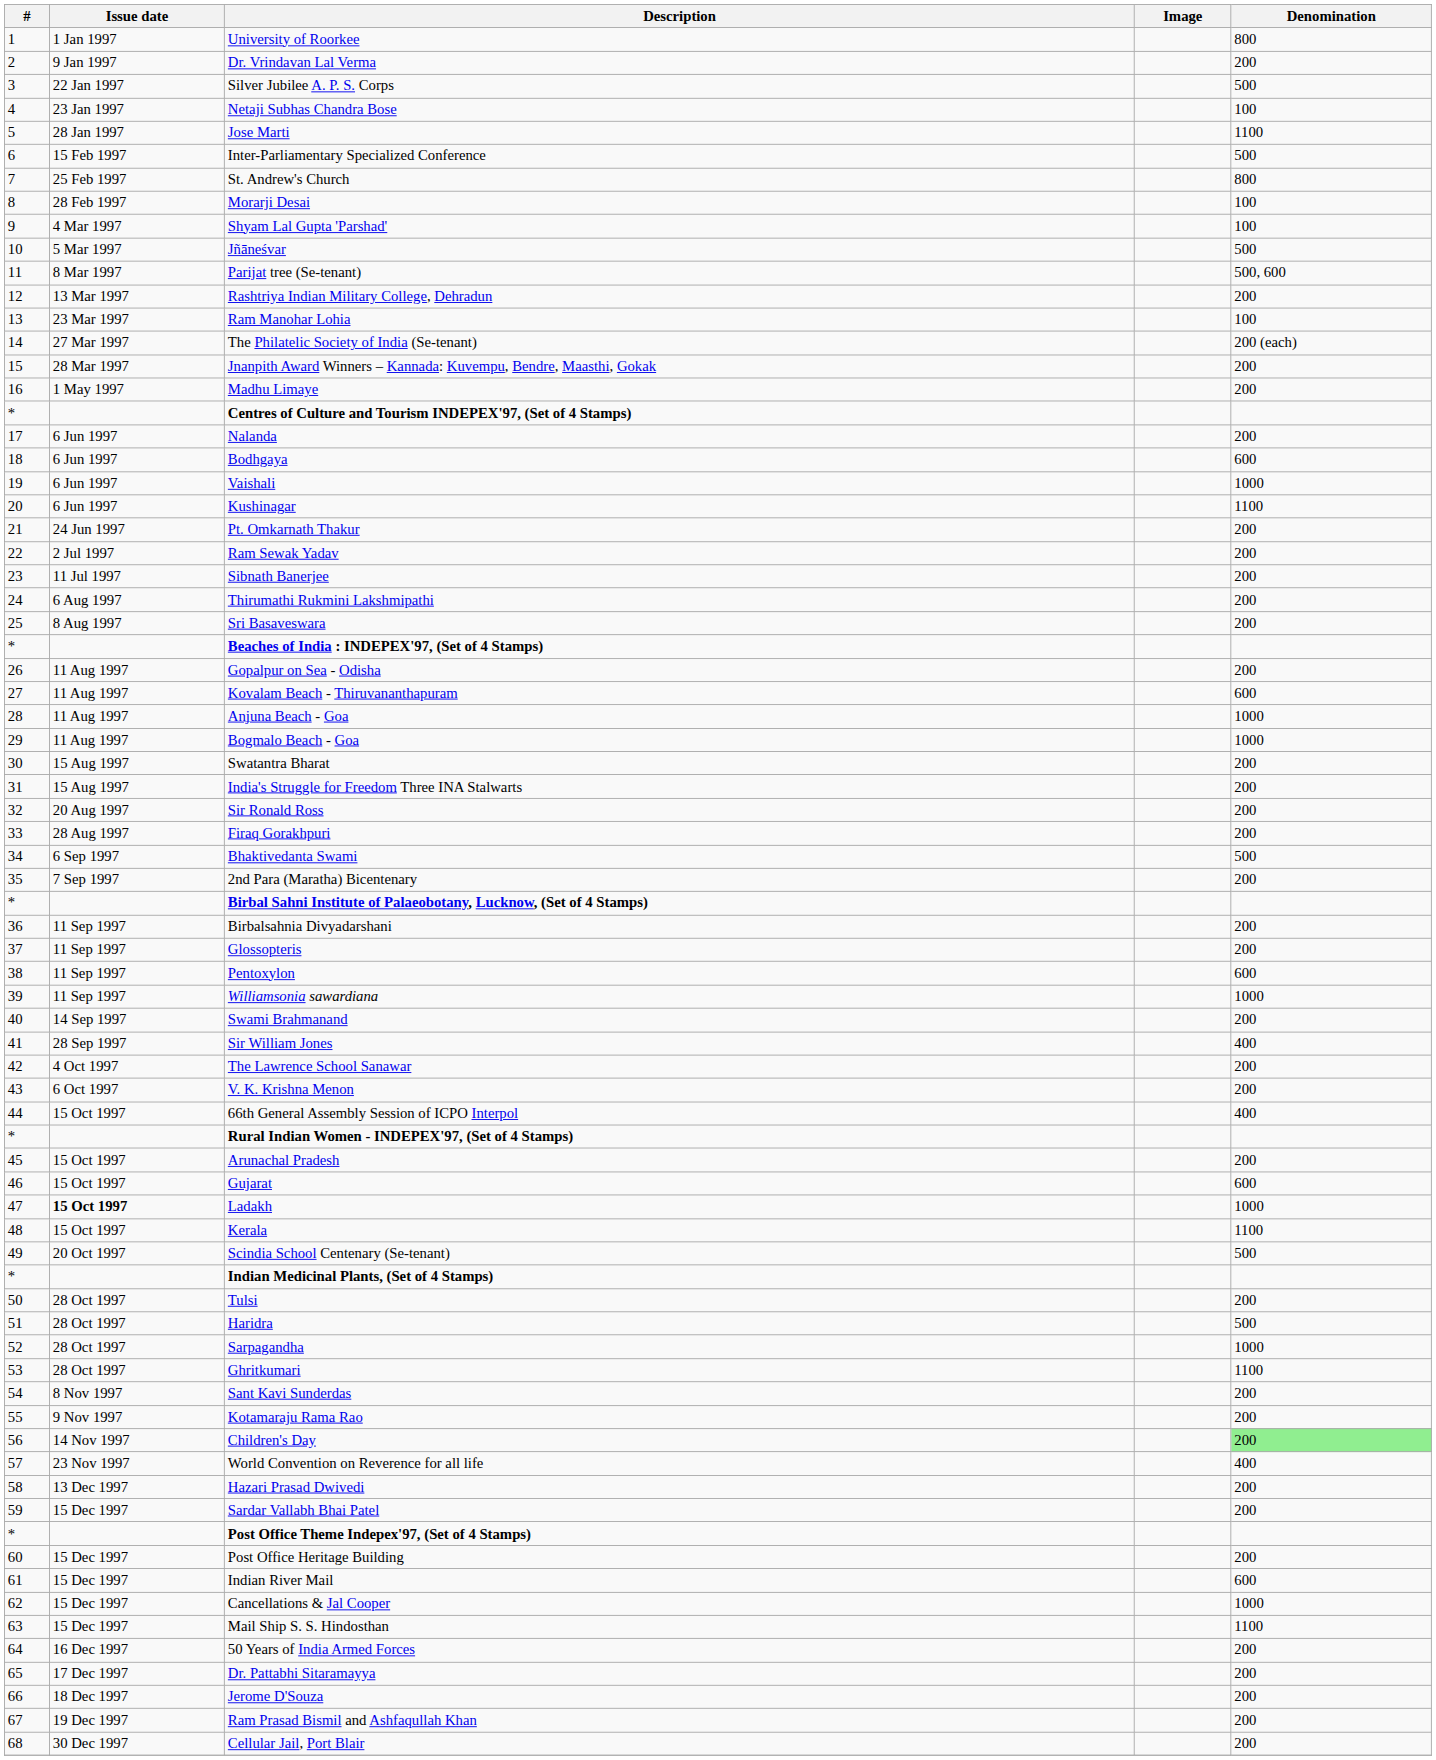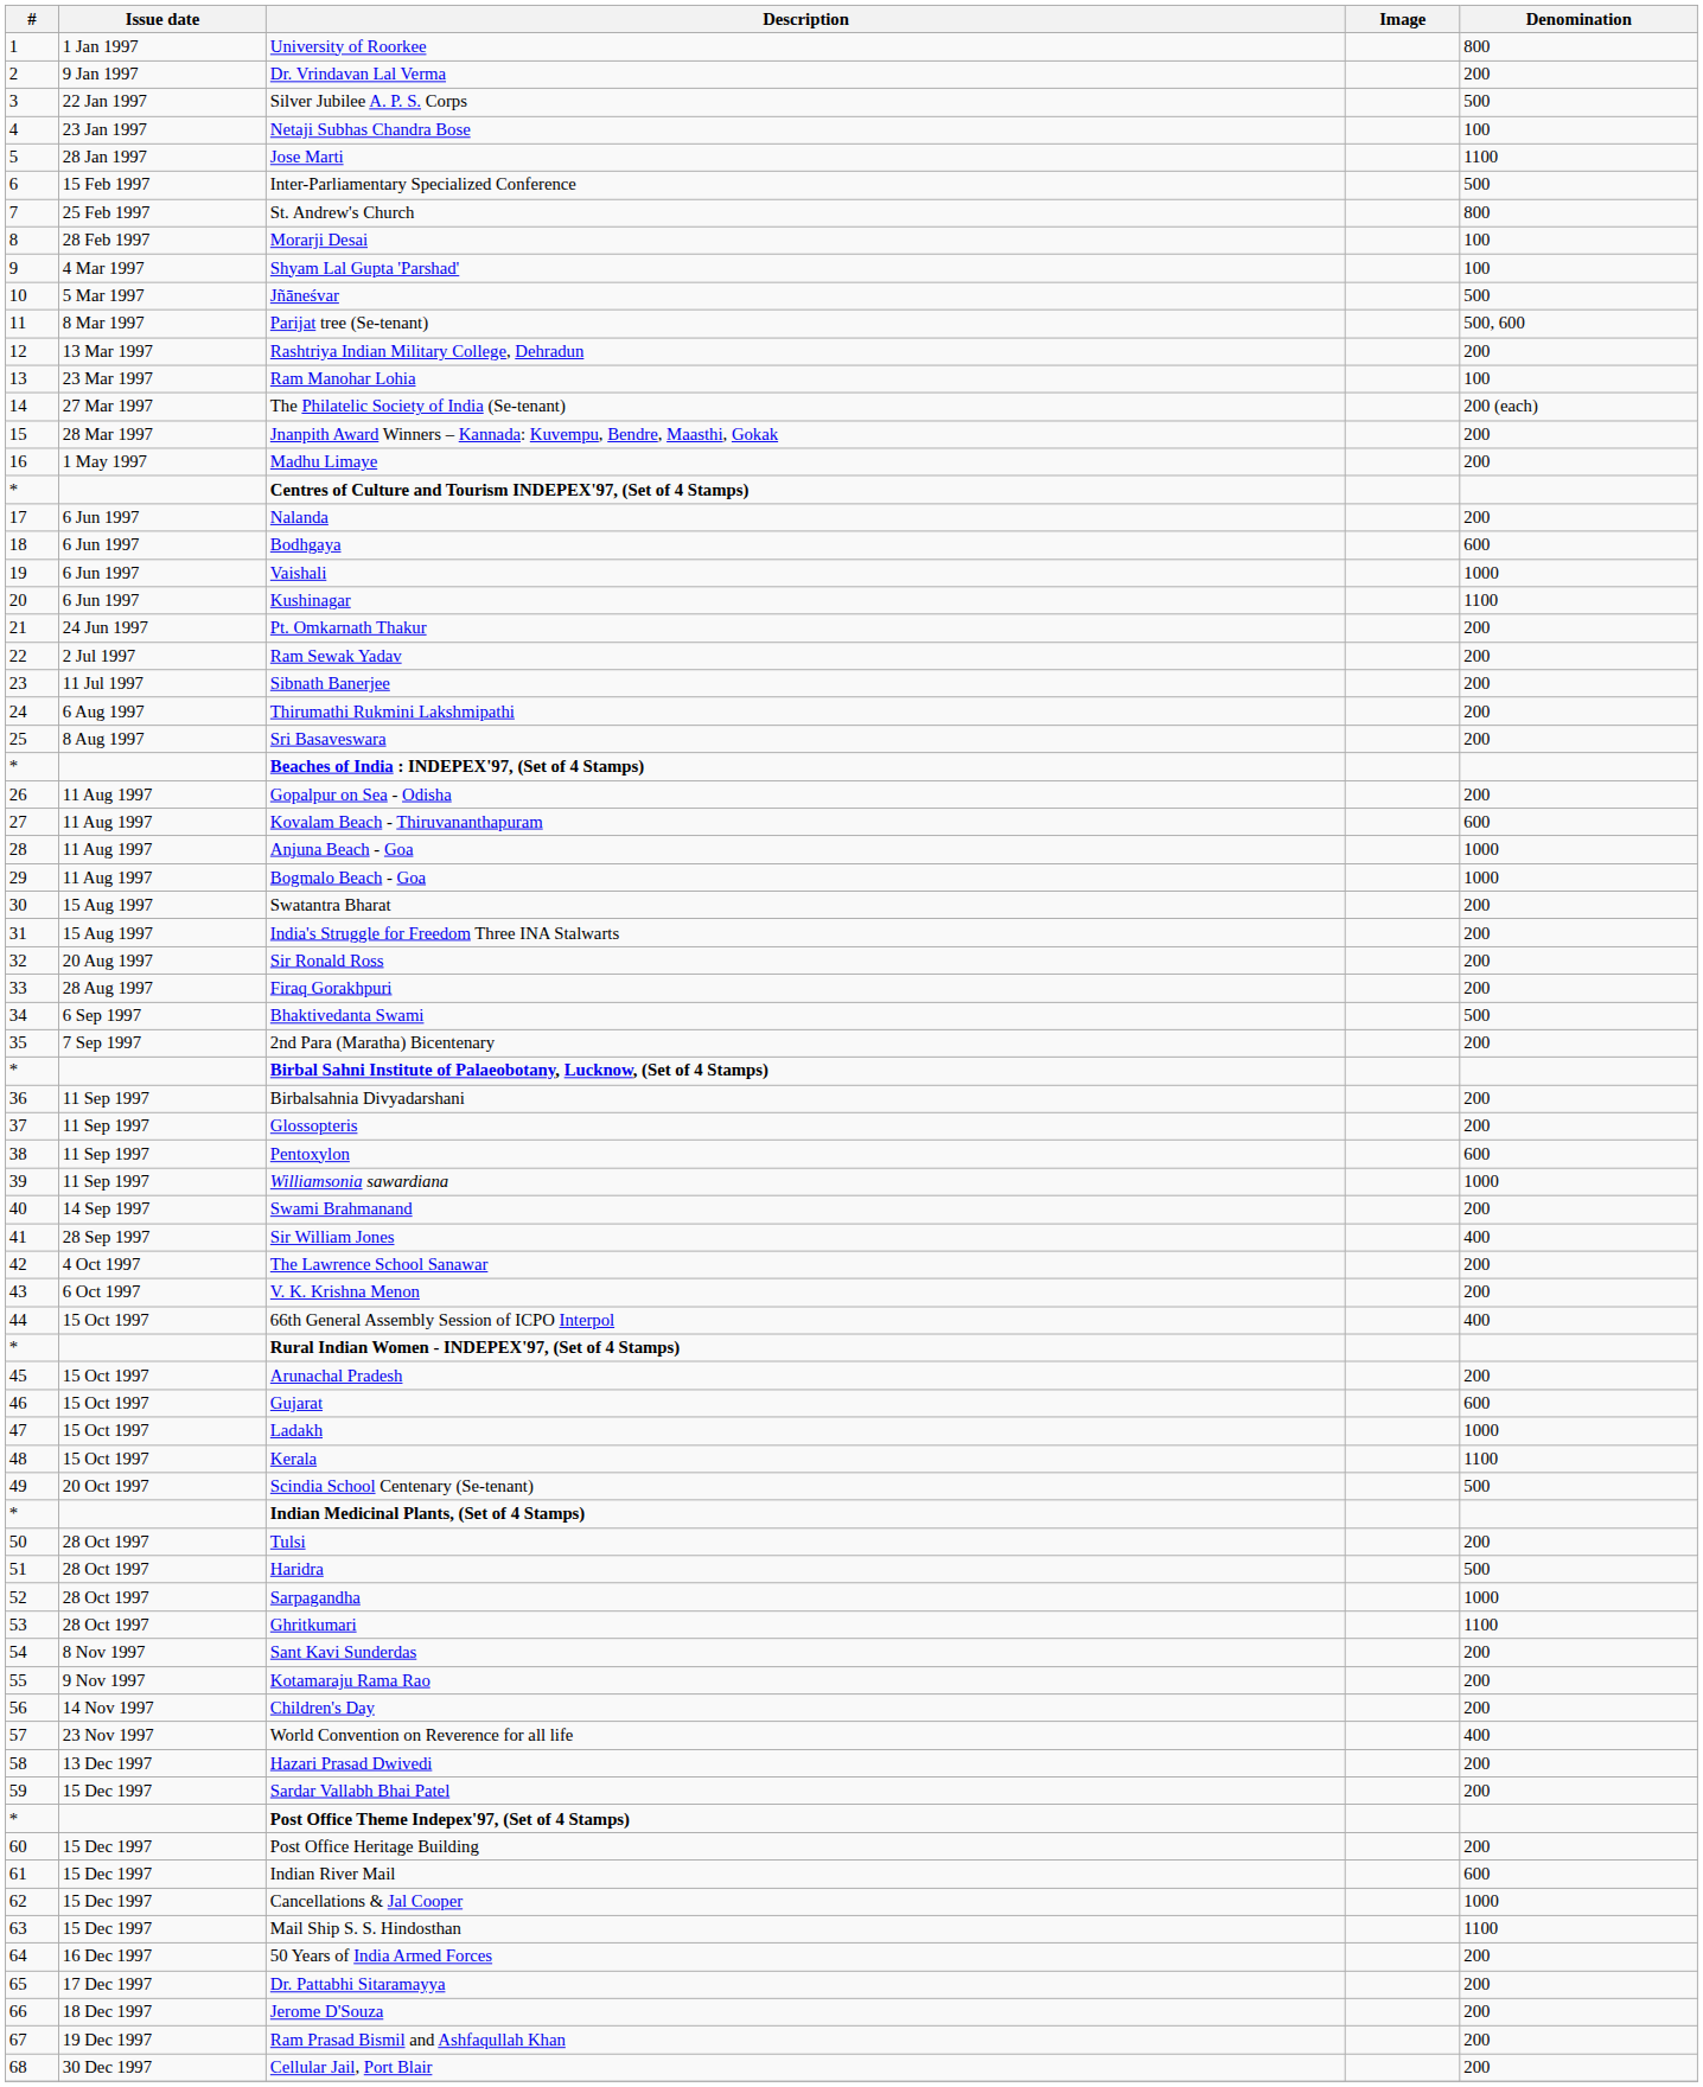 <table class="wikitable" style="text-align:justify" width="98%">
 <tr>
 <th>#</th>
 <th>Issue date</th>
 <th>Description</th>
 <th>Image</th>
 <th>Denomination</th>
 </tr>
 <tr>
 <td>1</td>
 <td>1 Jan 1997</td>
 <td><a href='#'>University of Roorkee</a></td>
 <td></td>
 <td>800</td>
 </tr>
 <tr>
 <td>2</td>
 <td>9 Jan 1997</td>
 <td><a href='#'>Dr. Vrindavan Lal Verma</a></td>
 <td></td>
 <td>200</td>
 </tr>
 <tr>
 <td>3</td>
 <td>22 Jan 1997</td>
 <td>Silver Jubilee <a href='#'>A. P. S.</a> Corps</td>
 <td></td>
 <td>500</td>
 </tr>
 <tr>
 <td>4</td>
 <td>23 Jan 1997</td>
 <td><a href='#'>Netaji Subhas Chandra Bose</a></td>
 <td></td>
 <td>100</td>
 </tr>
 <tr>
 <td>5</td>
 <td>28 Jan 1997</td>
 <td><a href='#'>Jose Marti</a></td>
 <td></td>
 <td>1100</td>
 </tr>
 <tr>
 <td>6</td>
 <td>15 Feb 1997</td>
 <td>Inter-Parliamentary Specialized Conference</td>
 <td></td>
 <td>500</td>
 </tr>
 <tr>
 <td>7</td>
 <td>25 Feb 1997</td>
 <td>St.  Andrew's Church</td>
 <td></td>
 <td>800</td>
 </tr>
 <tr>
 <td>8</td>
 <td>28 Feb 1997</td>
 <td><a href='#'>Morarji Desai</a></td>
 <td></td>
 <td>100</td>
 </tr>
 <tr>
 <td>9</td>
 <td>4 Mar 1997</td>
 <td><a href='#'>Shyam Lal Gupta 'Parshad'</a></td>
 <td></td>
 <td>100</td>
 </tr>
 <tr>
 <td>10</td>
 <td>5 Mar 1997</td>
 <td><a href='#'>Jñāneśvar</a></td>
 <td></td>
 <td>500</td>
 </tr>
 <tr>
 <td>11</td>
 <td>8 Mar 1997</td>
 <td><a href='#'>Parijat</a> tree (Se-tenant)</td>
 <td></td>
 <td>500, 600</td>
 </tr>
 <tr>
 <td>12</td>
 <td>13 Mar 1997</td>
 <td><a href='#'>Rashtriya Indian Military College</a>, <a href='#'>Dehradun</a></td>
 <td></td>
 <td>200</td>
 </tr>
 <tr>
 <td>13</td>
 <td>23 Mar 1997</td>
 <td><a href='#'>Ram Manohar Lohia</a></td>
 <td></td>
 <td>100</td>
 </tr>
 <tr>
 <td>14</td>
 <td>27 Mar 1997</td>
 <td>The <a href='#'>Philatelic Society of India</a> (Se-tenant)</td>
 <td></td>
 <td>200 (each)</td>
 </tr>
 <tr>
 <td>15</td>
 <td>28 Mar 1997</td>
 <td><a href='#'>Jnanpith Award</a> Winners – <a href='#'>Kannada</a>: <a href='#'>Kuvempu</a>, <a href='#'>Bendre</a>, <a href='#'>Maasthi</a>, <a href='#'>Gokak</a></td>
 <td></td>
 <td>200</td>
 </tr>
 <tr>
 <td>16</td>
 <td>1 May 1997</td>
 <td><a href='#'>Madhu Limaye</a></td>
 <td></td>
 <td>200</td>
 </tr>
 <tr>
 <td>*</td>
 <td></td>
 <td><strong>Centres of Culture and Tourism INDEPEX'97, (Set of 4 Stamps)</strong></td>
 <td></td>
 <td></td>
 </tr>
 <tr>
 <td>17</td>
 <td>6 Jun 1997</td>
 <td><a href='#'>Nalanda</a></td>
 <td></td>
 <td>200</td>
 </tr>
 <tr>
 <td>18</td>
 <td>6 Jun 1997</td>
 <td><a href='#'>Bodhgaya</a></td>
 <td></td>
 <td>600</td>
 </tr>
 <tr>
 <td>19</td>
 <td>6 Jun 1997</td>
 <td><a href='#'>Vaishali</a></td>
 <td></td>
 <td>1000</td>
 </tr>
 <tr>
 <td>20</td>
 <td>6 Jun 1997</td>
 <td><a href='#'>Kushinagar</a></td>
 <td></td>
 <td>1100</td>
 </tr>
 <tr>
 <td>21</td>
 <td>24 Jun 1997</td>
 <td><a href='#'>Pt. Omkarnath Thakur</a></td>
 <td></td>
 <td>200</td>
 </tr>
 <tr>
 <td>22</td>
 <td>2 Jul 1997</td>
 <td><a href='#'>Ram Sewak Yadav</a></td>
 <td></td>
 <td>200</td>
 </tr>
 <tr>
 <td>23</td>
 <td>11 Jul 1997</td>
 <td><a href='#'>Sibnath Banerjee</a></td>
 <td></td>
 <td>200</td>
 </tr>
 <tr>
 <td>24</td>
 <td>6 Aug 1997</td>
 <td><a href='#'>Thirumathi Rukmini Lakshmipathi</a></td>
 <td></td>
 <td>200</td>
 </tr>
 <tr>
 <td>25</td>
 <td>8 Aug 1997</td>
 <td><a href='#'>Sri Basaveswara</a></td>
 <td></td>
 <td>200</td>
 </tr>
 <tr>
 <td>*</td>
 <td></td>
 <td><strong><a href='#'>Beaches of India</a> : INDEPEX'97, (Set of 4 Stamps)</strong></td>
 <td></td>
 <td></td>
 </tr>
 <tr>
 <td>26</td>
 <td>11 Aug 1997</td>
 <td><a href='#'>Gopalpur on Sea</a> - <a href='#'>Odisha</a></td>
 <td></td>
 <td>200</td>
 </tr>
 <tr>
 <td>27</td>
 <td>11 Aug 1997</td>
 <td><a href='#'>Kovalam Beach</a> - <a href='#'>Thiruvananthapuram</a></td>
 <td></td>
 <td>600</td>
 </tr>
 <tr>
 <td>28</td>
 <td>11 Aug 1997</td>
 <td><a href='#'>Anjuna Beach</a> - <a href='#'>Goa</a></td>
 <td></td>
 <td>1000</td>
 </tr>
 <tr>
 <td>29</td>
 <td>11 Aug 1997</td>
 <td><a href='#'>Bogmalo Beach</a> - <a href='#'>Goa</a></td>
 <td></td>
 <td>1000</td>
 </tr>
 <tr>
 <td>30</td>
 <td>15 Aug 1997</td>
 <td>Swatantra Bharat</td>
 <td></td>
 <td>200</td>
 </tr>
 <tr>
 <td>31</td>
 <td>15 Aug 1997</td>
 <td><a href='#'>India's Struggle for Freedom</a> Three INA Stalwarts</td>
 <td></td>
 <td>200</td>
 </tr>
 <tr>
 <td>32</td>
 <td>20 Aug 1997</td>
 <td><a href='#'>Sir Ronald Ross</a></td>
 <td></td>
 <td>200</td>
 </tr>
 <tr>
 <td>33</td>
 <td>28 Aug 1997</td>
 <td><a href='#'>Firaq Gorakhpuri</a></td>
 <td></td>
 <td>200</td>
 </tr>
 <tr>
 <td>34</td>
 <td>6 Sep 1997</td>
 <td><a href='#'>Bhaktivedanta Swami</a></td>
 <td></td>
 <td>500</td>
 </tr>
 <tr>
 <td>35</td>
 <td>7 Sep 1997</td>
 <td>2nd Para (Maratha) Bicentenary</td>
 <td></td>
 <td>200</td>
 </tr>
 <tr>
 <td>*</td>
 <td></td>
 <td><strong><a href='#'>Birbal Sahni Institute of Palaeobotany</a>, <a href='#'>Lucknow</a>, (Set of 4 Stamps)</strong></td>
 <td></td>
 <td></td>
 </tr>
 <tr>
 <td>36</td>
 <td>11 Sep 1997</td>
 <td>Birbalsahnia Divyadarshani</td>
 <td></td>
 <td>200</td>
 </tr>
 <tr>
 <td>37</td>
 <td>11 Sep 1997</td>
 <td><a href='#'>Glossopteris</a></td>
 <td></td>
 <td>200</td>
 </tr>
 <tr>
 <td>38</td>
 <td>11 Sep 1997</td>
 <td><a href='#'>Pentoxylon</a></td>
 <td></td>
 <td>600</td>
 </tr>
 <tr>
 <td>39</td>
 <td>11 Sep 1997</td>
 <td><em><a href='#'>Williamsonia</a> sawardiana</em></td>
 <td></td>
 <td>1000</td>
 </tr>
 <tr>
 <td>40</td>
 <td>14 Sep 1997</td>
 <td><a href='#'>Swami Brahmanand</a></td>
 <td></td>
 <td>200</td>
 </tr>
 <tr>
 <td>41</td>
 <td>28 Sep 1997</td>
 <td><a href='#'>Sir William Jones</a></td>
 <td></td>
 <td>400</td>
 </tr>
 <tr>
 <td>42</td>
 <td>4 Oct 1997</td>
 <td><a href='#'>The Lawrence School Sanawar</a></td>
 <td></td>
 <td>200</td>
 </tr>
 <tr>
 <td>43</td>
 <td>6 Oct 1997</td>
 <td><a href='#'>V. K. Krishna Menon</a></td>
 <td></td>
 <td>200</td>
 </tr>
 <tr>
 <td>44</td>
 <td>15 Oct 1997</td>
 <td>66th General Assembly Session of ICPO <a href='#'>Interpol</a></td>
 <td></td>
 <td>400</td>
 </tr>
 <tr>
 <td>*</td>
 <td></td>
 <td><strong>Rural Indian Women - INDEPEX'97, (Set of 4 Stamps)</strong></td>
 <td></td>
 <td></td>
 </tr>
 <tr>
 <td>45</td>
 <td>15 Oct 1997</td>
 <td><a href='#'>Arunachal Pradesh</a></td>
 <td></td>
 <td>200</td>
 </tr>
 <tr>
 <td>46</td>
 <td>15 Oct 1997</td>
 <td><a href='#'>Gujarat</a></td>
 <td></td>
 <td>600</td>
 </tr>
 <tr>
 <td>47</td>
-<td><strong>15 Oct 1997</strong></td>
+<td>15 Oct 1997</td>
 <td><a href='#'>Ladakh</a></td>
 <td></td>
 <td>1000</td>
 </tr>
 <tr>
 <td>48</td>
 <td>15 Oct 1997</td>
 <td><a href='#'>Kerala</a></td>
 <td></td>
 <td>1100</td>
 </tr>
 <tr>
 <td>49</td>
 <td>20 Oct 1997</td>
 <td><a href='#'>Scindia School</a> Centenary (Se-tenant)</td>
 <td></td>
 <td>500</td>
 </tr>
 <tr>
 <td>*</td>
 <td></td>
 <td><strong>Indian Medicinal Plants, (Set of 4 Stamps)</strong></td>
 <td></td>
 <td></td>
 </tr>
 <tr>
 <td>50</td>
 <td>28 Oct 1997</td>
 <td><a href='#'>Tulsi</a></td>
 <td></td>
 <td>200</td>
 </tr>
 <tr>
 <td>51</td>
 <td>28 Oct 1997</td>
 <td><a href='#'>Haridra</a></td>
 <td></td>
 <td>500</td>
 </tr>
 <tr>
 <td>52</td>
 <td>28 Oct 1997</td>
 <td><a href='#'>Sarpagandha</a></td>
 <td></td>
 <td>1000</td>
 </tr>
 <tr>
 <td>53</td>
 <td>28 Oct 1997</td>
 <td><a href='#'>Ghritkumari</a></td>
 <td></td>
 <td>1100</td>
 </tr>
 <tr>
 <td>54</td>
 <td>8 Nov 1997</td>
 <td><a href='#'>Sant Kavi Sunderdas</a></td>
 <td></td>
 <td>200</td>
 </tr>
 <tr>
 <td>55</td>
 <td>9 Nov 1997</td>
 <td><a href='#'>Kotamaraju Rama Rao</a></td>
 <td></td>
 <td>200</td>
 </tr>
 <tr>
 <td>56</td>
 <td>14 Nov 1997</td>
 <td><a href='#'>Children's Day</a></td>
 <td></td>
-<td style="background: lightgreen;">200</td>
+<td>200</td>
 </tr>
 <tr>
 <td>57</td>
 <td>23 Nov 1997</td>
 <td>World Convention on Reverence for all life</td>
 <td></td>
 <td>400</td>
 </tr>
 <tr>
 <td>58</td>
 <td>13 Dec 1997</td>
 <td><a href='#'>Hazari Prasad Dwivedi</a></td>
 <td></td>
 <td>200</td>
 </tr>
 <tr>
 <td>59</td>
 <td>15 Dec 1997</td>
 <td><a href='#'>Sardar Vallabh Bhai Patel</a></td>
 <td></td>
 <td>200</td>
 </tr>
 <tr>
 <td>*</td>
 <td></td>
 <td><strong>Post Office Theme Indepex'97, (Set of 4 Stamps)</strong></td>
 <td></td>
 <td></td>
 </tr>
 <tr>
 <td>60</td>
 <td>15 Dec 1997</td>
 <td>Post Office Heritage Building</td>
 <td></td>
 <td>200</td>
 </tr>
 <tr>
 <td>61</td>
 <td>15 Dec 1997</td>
 <td>Indian River Mail</td>
 <td></td>
 <td>600</td>
 </tr>
 <tr>
 <td>62</td>
 <td>15 Dec 1997</td>
 <td>Cancellations & <a href='#'>Jal Cooper</a></td>
 <td></td>
 <td>1000</td>
 </tr>
 <tr>
 <td>63</td>
 <td>15 Dec 1997</td>
 <td>Mail Ship S. S. Hindosthan</td>
 <td></td>
 <td>1100</td>
 </tr>
 <tr>
 <td>64</td>
 <td>16 Dec 1997</td>
 <td>50 Years of <a href='#'>India Armed Forces</a></td>
 <td></td>
 <td>200</td>
 </tr>
 <tr>
 <td>65</td>
 <td>17 Dec 1997</td>
 <td><a href='#'>Dr. Pattabhi Sitaramayya</a></td>
 <td></td>
 <td>200</td>
 </tr>
 <tr>
 <td>66</td>
 <td>18 Dec 1997</td>
 <td><a href='#'>Jerome D'Souza</a></td>
 <td></td>
 <td>200</td>
 </tr>
 <tr>
 <td>67</td>
 <td>19 Dec 1997</td>
 <td><a href='#'>Ram Prasad Bismil</a> and <a href='#'>Ashfaqullah Khan</a></td>
 <td></td>
 <td>200</td>
 </tr>
 <tr>
 <td>68</td>
 <td>30 Dec 1997</td>
 <td><a href='#'>Cellular Jail</a>, <a href='#'>Port Blair</a></td>
 <td></td>
 <td>200</td>
 </tr>
 <tr>
 </tr>
 </table>
